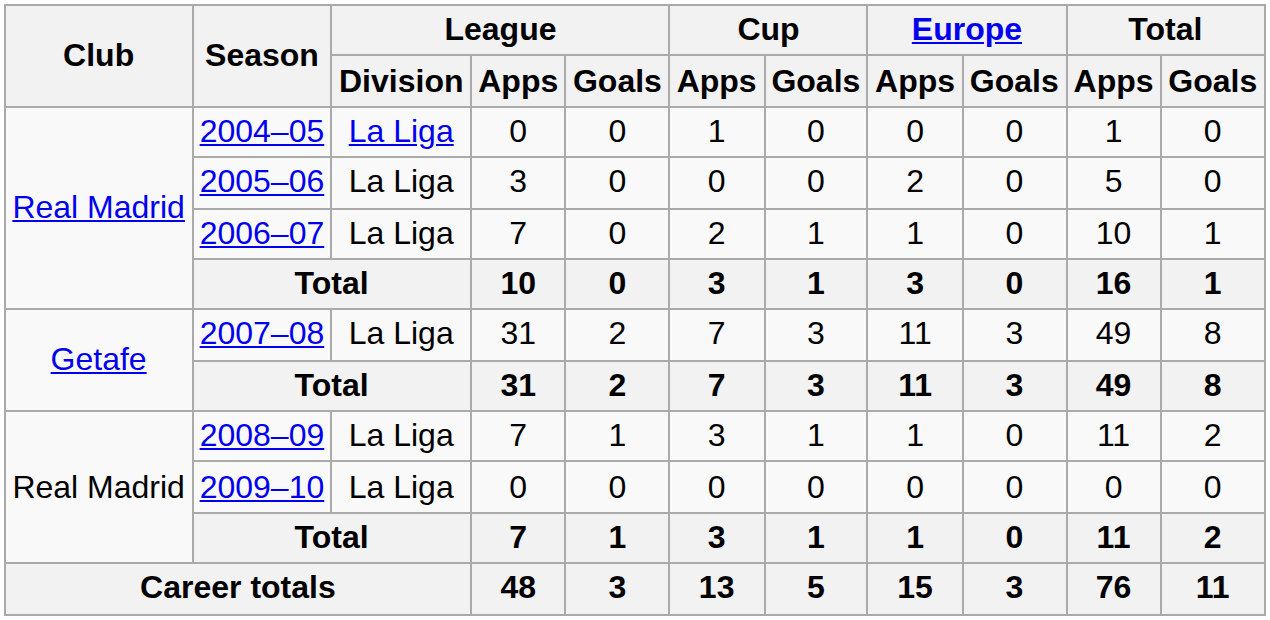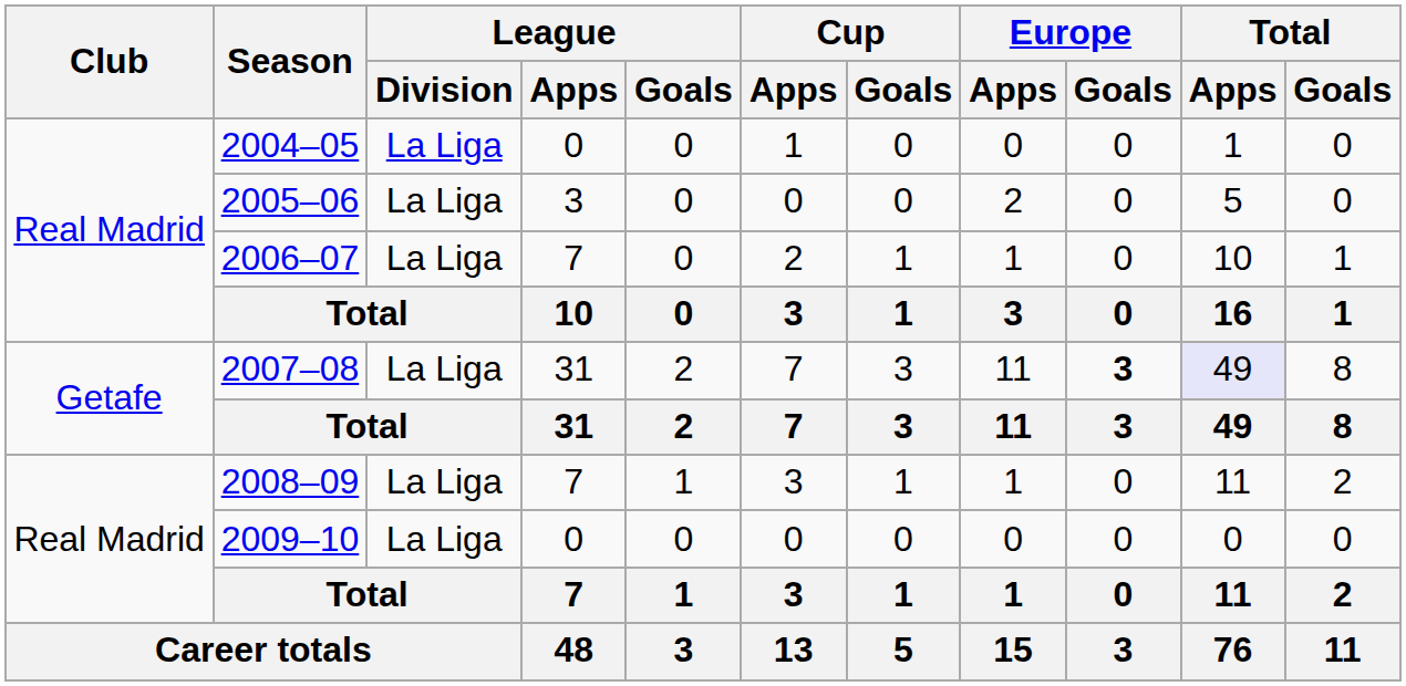 <table class="wikitable" style="align: center ; text-align: center;">
 <tr>
 <th rowspan="2">Club</th>
 <th rowspan="2">Season</th>
 <th colspan="3">League</th>
 <th colspan="2">Cup</th>
 <th colspan="2"><a href='#'>Europe</a></th>
 <th colspan="2">Total</th>
 </tr>
 <tr>
 <th>Division</th>
 <th>Apps</th>
 <th>Goals</th>
 <th>Apps</th>
 <th>Goals</th>
 <th>Apps</th>
 <th>Goals</th>
 <th>Apps</th>
 <th>Goals</th>
 </tr>
 <tr>
 <td rowspan="4" valign="center"><a href='#'>Real Madrid</a></td>
 <td><a href='#'>2004–05</a></td>
 <td><a href='#'>La Liga</a></td>
 <td>0</td>
 <td>0</td>
 <td>1</td>
 <td>0</td>
 <td>0</td>
 <td>0</td>
 <td>1</td>
 <td>0</td>
 </tr>
 <tr>
 <td><a href='#'>2005–06</a></td>
 <td>La Liga</td>
 <td>3</td>
 <td>0</td>
 <td>0</td>
 <td>0</td>
 <td>2</td>
 <td>0</td>
 <td>5</td>
 <td>0</td>
 </tr>
 <tr>
 <td><a href='#'>2006–07</a></td>
 <td>La Liga</td>
 <td>7</td>
 <td>0</td>
 <td>2</td>
 <td>1</td>
 <td>1</td>
 <td>0</td>
 <td>10</td>
 <td>1</td>
 </tr>
 <tr>
 <th colspan="2">Total</th>
 <th>10</th>
 <th>0</th>
 <th>3</th>
 <th>1</th>
 <th>3</th>
 <th>0</th>
 <th>16</th>
 <th>1</th>
 </tr>
 <tr>
 <td rowspan="2" valign="center"><a href='#'>Getafe</a></td>
 <td><a href='#'>2007–08</a></td>
 <td>La Liga</td>
 <td>31</td>
 <td>2</td>
 <td>7</td>
 <td>3</td>
 <td>11</td>
-<td>3</td>
-<td>49</td>
+<td><strong>3</strong></td>
+<td style="background: lavender;">49</td>
 <td>8</td>
 </tr>
 <tr>
 <th colspan="2">Total</th>
 <th>31</th>
 <th>2</th>
 <th>7</th>
 <th>3</th>
 <th>11</th>
 <th>3</th>
 <th>49</th>
 <th>8</th>
 </tr>
 <tr>
 <td rowspan="3" valign="center">Real Madrid</td>
 <td><a href='#'>2008–09</a></td>
 <td>La Liga</td>
 <td>7</td>
 <td>1</td>
 <td>3</td>
 <td>1</td>
 <td>1</td>
 <td>0</td>
 <td>11</td>
 <td>2</td>
 </tr>
 <tr>
 <td><a href='#'>2009–10</a></td>
 <td>La Liga</td>
 <td>0</td>
 <td>0</td>
 <td>0</td>
 <td>0</td>
 <td>0</td>
 <td>0</td>
 <td>0</td>
 <td>0</td>
 </tr>
 <tr>
 <th colspan="2">Total</th>
 <th>7</th>
 <th>1</th>
 <th>3</th>
 <th>1</th>
 <th>1</th>
 <th>0</th>
 <th>11</th>
 <th>2</th>
 </tr>
 <tr>
 <th colspan="3">Career totals</th>
 <th>48</th>
 <th>3</th>
 <th>13</th>
 <th>5</th>
 <th>15</th>
 <th>3</th>
 <th>76</th>
 <th>11</th>
 </tr>
 </table>
